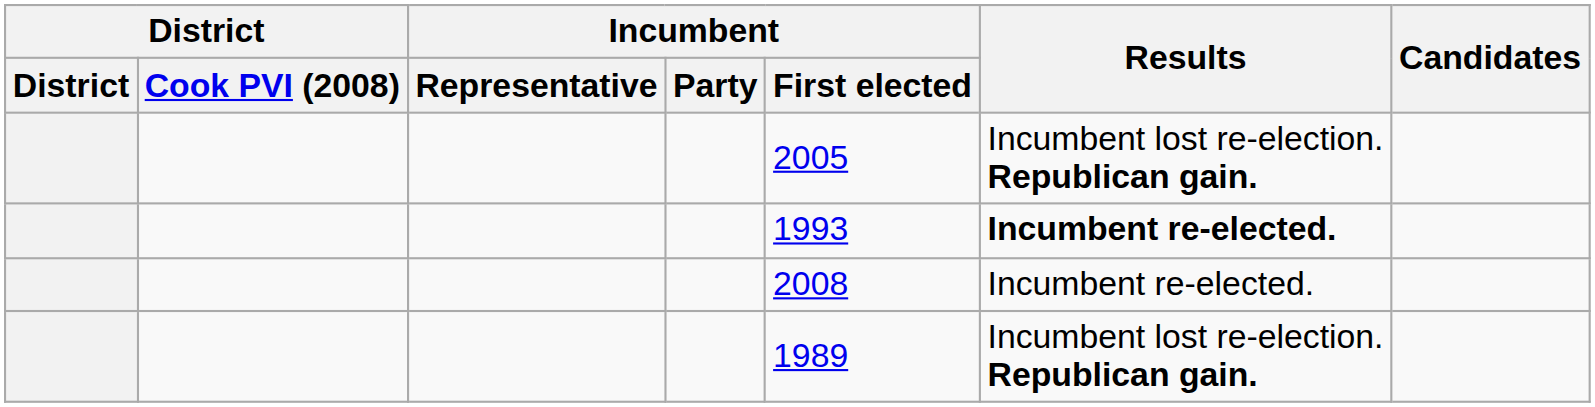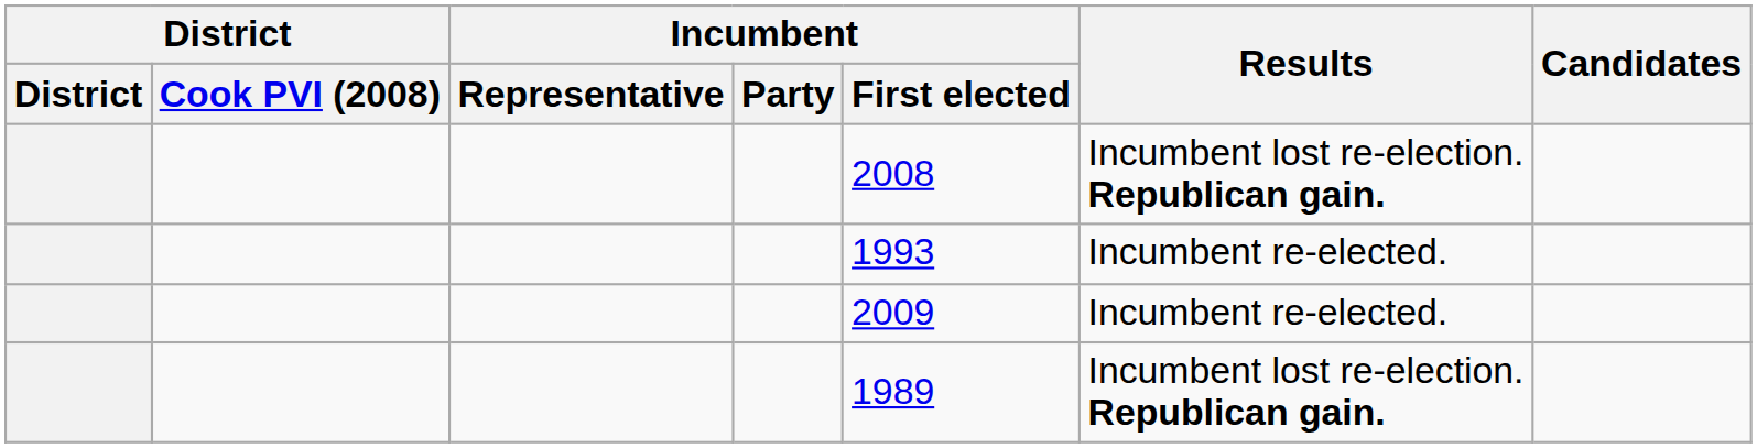 <table class="wikitable sortable">
 <tr>
 <th colspan=2>District</th>
 <th colspan=3>Incumbent</th>
 <th rowspan=2>Results</th>
 <th rowspan=2>Candidates</th>
 </tr>
 <tr valign=bottom>
 <th>District</th>
 <th><a href='#'>Cook PVI</a> (2008)</th>
 <th>Representative</th>
 <th>Party</th>
 <th>First elected</th>
 </tr>
 <tr>
 <th></th>
 <td></td>
 <td></td>
 <td></td>
-<td><a href='#'>2005 </a></td>
+<td><a href='#'>2008 </a></td>
 <td>Incumbent lost re-election.<br><strong>Republican gain.</strong></td>
 <td nowrap><br></td>
 </tr>
 <tr>
 <th></th>
 <td></td>
 <td></td>
 <td></td>
 <td><a href='#'>1993 </a></td>
-<td><strong>Incumbent re-elected.</strong></td>
+<td>Incumbent re-elected.</td>
 <td nowrap></td>
 </tr>
 <tr>
 <th></th>
 <td></td>
 <td></td>
 <td></td>
-<td><a href='#'>2008</a></td>
+<td><a href='#'>2009</a></td>
 <td>Incumbent re-elected.</td>
 <td nowrap></td>
 </tr>
 <tr>
 <th></th>
 <td></td>
 <td></td>
 <td></td>
 <td><a href='#'>1989 </a></td>
 <td>Incumbent lost re-election.<br><strong>Republican gain.</strong></td>
 <td nowrap><br></td>
 </tr>
 </table>
